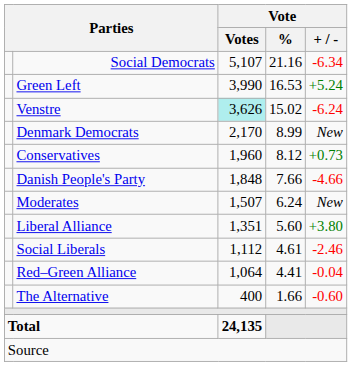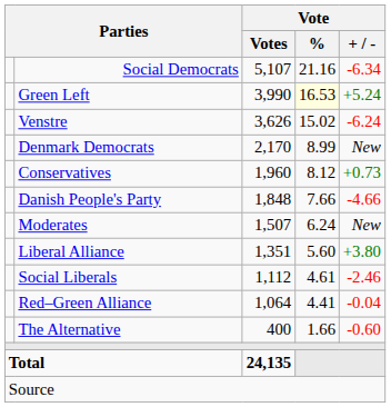 <table class="wikitable" style="text-align:right;">
 <tr>
 <th style="text-align:centre;" rowspan="2" colspan="2" width="225">Parties</th>
 <th colspan="3">Vote</th>
 </tr>
 <tr>
 <th width="15">Votes</th>
 <th width="15">%</th>
 <th width="15">+ / -</th>
 </tr>
 <tr>
 <td width=2 bgcolor=></td>
 <td><a href='#'>Social Democrats</a></td>
 <td>5,107</td>
 <td>21.16</td>
 <td style=color:red;>-6.34</td>
 </tr>
 <tr>
 <td width=2 bgcolor=></td>
 <td align=left><a href='#'>Green Left</a></td>
 <td>3,990</td>
-<td>16.53</td>
+<td style="background: lightyellow;">16.53</td>
 <td style=color:green;>+5.24</td>
 </tr>
 <tr>
 <td width=2 bgcolor=></td>
 <td align=left><a href='#'>Venstre</a></td>
-<td style="background: paleturquoise;">3,626</td>
+<td>3,626</td>
 <td>15.02</td>
 <td style=color:red;>-6.24</td>
 </tr>
 <tr>
 <td width=2 bgcolor=></td>
 <td align=left><a href='#'>Denmark Democrats</a></td>
 <td>2,170</td>
 <td>8.99</td>
 <td><em>New</em></td>
 </tr>
 <tr>
 <td width=2 bgcolor=></td>
 <td align=left><a href='#'>Conservatives</a></td>
 <td>1,960</td>
 <td>8.12</td>
 <td style=color:green;>+0.73</td>
 </tr>
 <tr>
 <td width=2 bgcolor=></td>
 <td align=left><a href='#'>Danish People's Party</a></td>
 <td>1,848</td>
 <td>7.66</td>
 <td style=color:red;>-4.66</td>
 </tr>
 <tr>
 <td width=2 bgcolor=></td>
 <td align=left><a href='#'>Moderates</a></td>
 <td>1,507</td>
 <td>6.24</td>
 <td><em>New</em></td>
 </tr>
 <tr>
 <td width=2 bgcolor=></td>
 <td align=left><a href='#'>Liberal Alliance</a></td>
 <td>1,351</td>
 <td>5.60</td>
 <td style=color:green;>+3.80</td>
 </tr>
 <tr>
 <td width=2 bgcolor=></td>
 <td align=left><a href='#'>Social Liberals</a></td>
 <td>1,112</td>
 <td>4.61</td>
 <td style=color:red;>-2.46</td>
 </tr>
 <tr>
 <td width=2 bgcolor=></td>
 <td align=left><a href='#'>Red–Green Alliance</a></td>
 <td>1,064</td>
 <td>4.41</td>
 <td style=color:red;>-0.04</td>
 </tr>
 <tr>
 <td width=2 bgcolor=></td>
 <td align=left><a href='#'>The Alternative</a></td>
 <td>400</td>
 <td>1.66</td>
 <td style=color:red;>-0.60</td>
 </tr>
 <tr>
 <td colspan="7" bgcolor="#E9E9E9"></td>
 </tr>
 <tr>
 <td align="left" colspan="2"><strong>Total</strong></td>
 <td><strong>24,135</strong></td>
 <td bgcolor=#E9E9E9 colspan=2></td>
 </tr>
 <tr>
 <td align="left" colspan="6">Source</td>
 </tr>
 </table>
